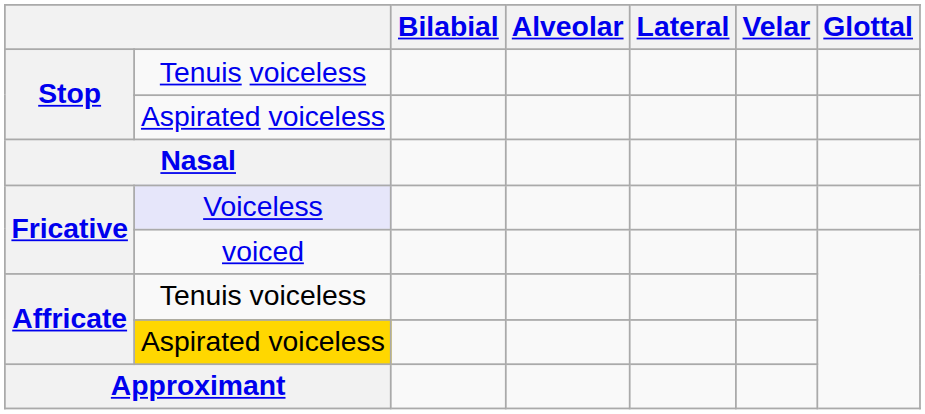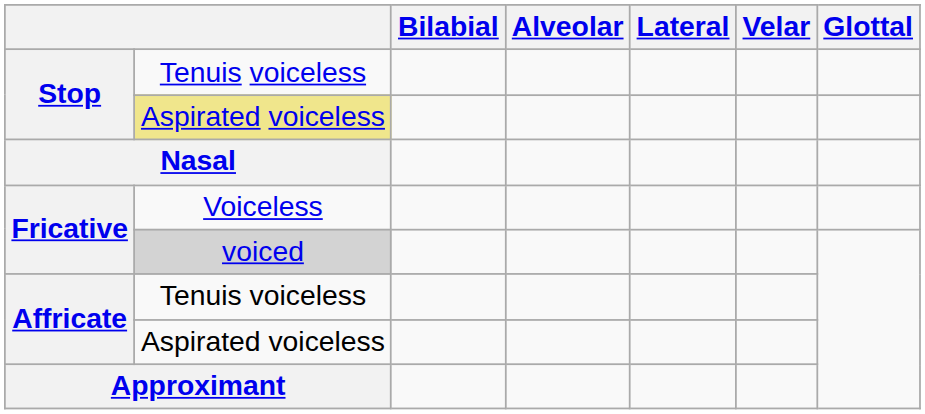 <table class="wikitable" border="1" style="text-align:center">
 <tr>
 <th colspan="2"> </th>
 <th><a href='#'>Bilabial</a></th>
 <th><a href='#'>Alveolar</a></th>
 <th><a href='#'>Lateral</a></th>
 <th><a href='#'>Velar</a></th>
 <th><a href='#'>Glottal</a></th>
 </tr>
 <tr>
 <th rowspan="2"><a href='#'>Stop</a></th>
 <td><a href='#'>Tenuis</a> <a href='#'>voiceless</a></td>
 <td></td>
 <td></td>
 <td></td>
 <td></td>
 <td></td>
 </tr>
 <tr>
-<td><a href='#'>Aspirated</a> <a href='#'>voiceless</a></td>
+<td style="background: khaki;"><a href='#'>Aspirated</a> <a href='#'>voiceless</a></td>
 <td></td>
 <td></td>
 <td></td>
 <td></td>
 <td></td>
 </tr>
 <tr>
 <th colspan="2"><a href='#'>Nasal</a></th>
 <td></td>
 <td></td>
 <td></td>
 <td></td>
 <td></td>
 </tr>
 <tr>
 <th rowspan="2"><a href='#'>Fricative</a></th>
-<td style="background: lavender;"><a href='#'>Voiceless</a></td>
+<td><a href='#'>Voiceless</a></td>
 <td></td>
 <td></td>
 <td></td>
 <td></td>
 <td></td>
 </tr>
 <tr>
-<td><a href='#'>voiced</a></td>
+<td style="background: lightgrey;"><a href='#'>voiced</a></td>
 <td><em></em></td>
 <td><em></em></td>
 <td></td>
 <td></td>
 </tr>
 <tr>
 <th rowspan="2"><a href='#'>Affricate</a></th>
 <td>Tenuis voiceless</td>
 <td></td>
 <td></td>
 <td></td>
 <td></td>
 </tr>
 <tr>
-<td style="background: gold;">Aspirated voiceless</td>
+<td>Aspirated voiceless</td>
 <td></td>
 <td></td>
 <td></td>
 <td></td>
 </tr>
 <tr>
 <th colspan=2><a href='#'>Approximant</a></th>
 <td></td>
 <td></td>
 <td></td>
 <td></td>
 </tr>
 </table>
